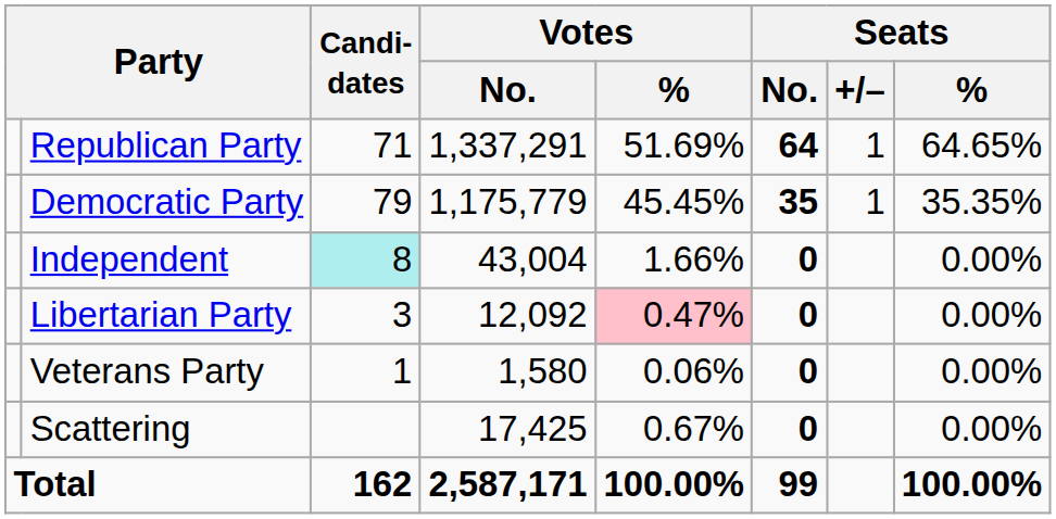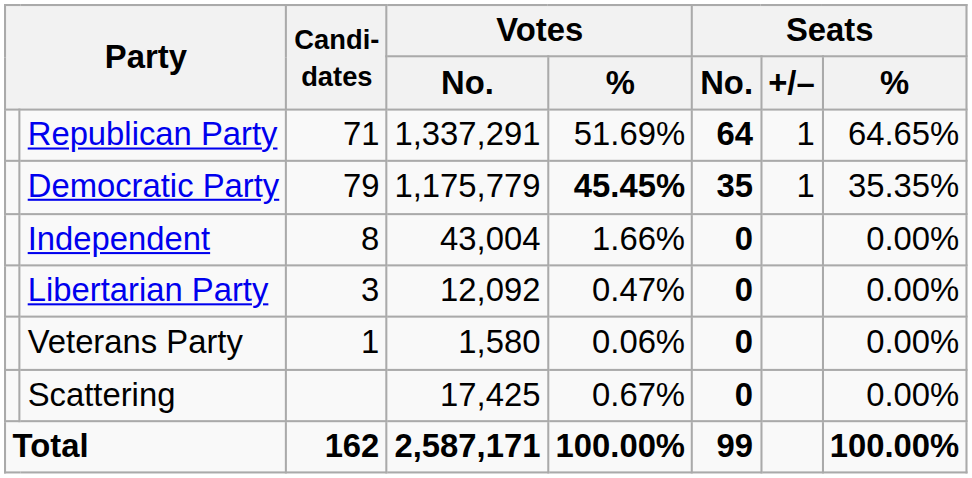 <table class="wikitable" style="font-size:100%; text-align:right;">
 <tr>
 <th colspan=2 rowspan=2>Party</th>
 <th rowspan=2><small>Candi-<br>dates</small></th>
 <th colspan=2>Votes</th>
 <th colspan=3>Seats</th>
 </tr>
 <tr>
 <th>No.</th>
 <th>%</th>
 <th>No.</th>
 <th>+/–</th>
 <th>%</th>
 </tr>
 <tr>
 <td style="background:"></td>
 <td align=left><a href='#'>Republican Party</a></td>
 <td>71</td>
 <td>1,337,291</td>
 <td>51.69%</td>
 <td><strong>64</strong></td>
 <td>1</td>
 <td>64.65%</td>
 </tr>
 <tr>
 <td style="background:"></td>
 <td align=left><a href='#'>Democratic Party</a></td>
 <td>79</td>
 <td>1,175,779</td>
-<td>45.45%</td>
+<td><strong>45.45%</strong></td>
 <td><strong>35</strong></td>
 <td>1</td>
 <td>35.35%</td>
 </tr>
 <tr>
 <td style="background:"></td>
 <td align=left><a href='#'>Independent</a></td>
-<td style="background: paleturquoise;">8</td>
+<td>8</td>
 <td>43,004</td>
 <td>1.66%</td>
 <td><strong>0</strong></td>
 <td></td>
 <td>0.00%</td>
 </tr>
 <tr>
 <td style="background:"></td>
 <td align=left><a href='#'>Libertarian Party</a></td>
 <td>3</td>
 <td>12,092</td>
-<td style="background: pink;">0.47%</td>
+<td>0.47%</td>
 <td><strong>0</strong></td>
 <td></td>
 <td>0.00%</td>
 </tr>
 <tr>
 <td style="background:"></td>
 <td align=left>Veterans Party</td>
 <td>1</td>
 <td>1,580</td>
 <td>0.06%</td>
 <td><strong>0</strong></td>
 <td></td>
 <td>0.00%</td>
 </tr>
 <tr>
 <td></td>
 <td align=left>Scattering</td>
 <td></td>
 <td>17,425</td>
 <td>0.67%</td>
 <td><strong>0</strong></td>
 <td></td>
 <td>0.00%</td>
 </tr>
 <tr style="font-weight:bold">
 <td colspan=2 align=left>Total</td>
 <td>162</td>
 <td>2,587,171</td>
 <td>100.00%</td>
 <td>99</td>
 <td></td>
 <td>100.00%</td>
 </tr>
 </table>
